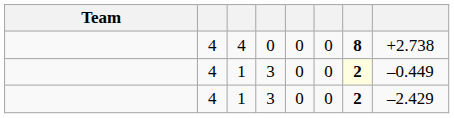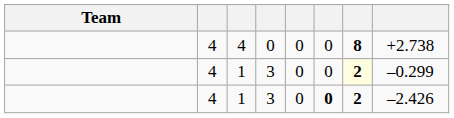 <table class="wikitable" style="text-align:center">
 <tr>
 <th style="width:175px;">Team</th>
 <th style="width:20px;"></th>
 <th style="width:20px;"></th>
 <th style="width:20px;"></th>
 <th style="width:20px;"></th>
 <th style="width:20px;"></th>
 <th style="width:20px;"></th>
 <th style="width:65px;"></th>
 </tr>
 <tr>
 <td style="text-align:left"></td>
 <td>4</td>
 <td>4</td>
 <td>0</td>
 <td>0</td>
 <td>0</td>
 <td><strong>8</strong></td>
 <td>+2.738</td>
 </tr>
 <tr>
 <td style="text-align:left"></td>
 <td>4</td>
 <td>1</td>
 <td>3</td>
 <td>0</td>
 <td>0</td>
 <td style="background: lightyellow;"><strong>2</strong></td>
-<td>–0.449</td>
+<td>–0.299</td>
 </tr>
 <tr>
 <td style="text-align:left"></td>
 <td>4</td>
 <td>1</td>
 <td>3</td>
 <td>0</td>
-<td>0</td>
+<td><strong>0</strong></td>
 <td><strong>2</strong></td>
-<td>–2.429</td>
+<td>–2.426</td>
 </tr>
 </table>
